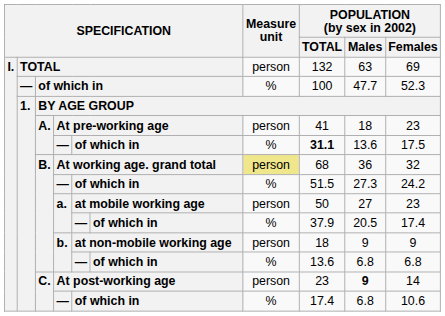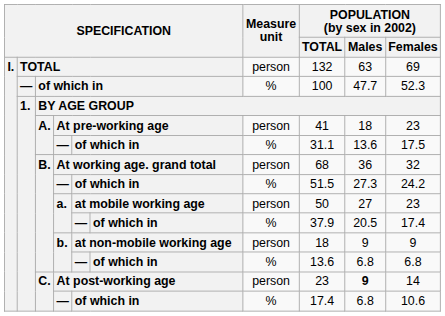 <table class="wikitable" style="font-size:85%; text-align:center">
 <tr>
 <th rowspan="2" colspan="6">SPECIFICATION</th>
 <th rowspan="2">Measure<br> unit</th>
 <th colspan="3" rowspan="1">POPULATION<br> (by sex in 2002)</th>
 </tr>
 <tr>
 <th>TOTAL</th>
 <th>Males</th>
 <th>Females</th>
 </tr>
 <tr>
 <th style="text-align:left" valign="top" rowspan="13">I.</th>
 <th style="text-align:left" colspan="5">TOTAL</th>
 <td>person</td>
 <td>132</td>
 <td>63</td>
 <td>69</td>
 </tr>
 <tr>
 <th style="text-align:left" valign="top">—</th>
 <th style="text-align:left" colspan="4">of which in</th>
 <td>%</td>
 <td>100</td>
 <td>47.7</td>
 <td>52.3</td>
 </tr>
 <tr>
 <th style="text-align:left" valign="top" rowspan="11">1.</th>
 <th style="text-align:left" colspan="19">BY AGE GROUP</th>
 </tr>
 <tr>
 <th style="text-align:left" valign="top" rowspan="2">A.</th>
 <th style="text-align:left" colspan="3">At pre-working age</th>
 <td>person</td>
 <td>41</td>
 <td>18</td>
 <td>23</td>
 </tr>
 <tr>
 <th style="text-align:left" valign="top">—</th>
 <th style="text-align:left" valign="top" colspan="2">of which in</th>
 <td>%</td>
-<td><strong>31.1</strong></td>
+<td>31.1</td>
 <td>13.6</td>
 <td>17.5</td>
 </tr>
 <tr>
 <th style="text-align:left" valign="top" rowspan="6">B.</th>
 <th style="text-align:left" colspan="3">At working age. grand total</th>
-<td style="background: khaki;">person</td>
+<td>person</td>
 <td>68</td>
 <td>36</td>
 <td>32</td>
 </tr>
 <tr>
 <th style="text-align:left" valign="top">—</th>
 <th style="text-align:left" valign="top" colspan="2">of which in</th>
 <td>%</td>
 <td>51.5</td>
 <td>27.3</td>
 <td>24.2</td>
 </tr>
 <tr>
 <th style="text-align:left" valign="top" rowspan="2">a.</th>
 <th style="text-align:left" colspan="2">at mobile working age</th>
 <td>person</td>
 <td>50</td>
 <td>27</td>
 <td>23</td>
 </tr>
 <tr>
 <th style="text-align:left" valign="top">—</th>
 <th style="text-align:left" valign="top" colspan="1">of which in                        </th>
 <td>%</td>
 <td>37.9</td>
 <td>20.5</td>
 <td>17.4</td>
 </tr>
 <tr>
 <th style="text-align:left" valign="top" rowspan="2">b.</th>
 <th style="text-align:left" colspan="2">at non-mobile working age</th>
 <td>person</td>
 <td>18</td>
 <td>9</td>
 <td>9</td>
 </tr>
 <tr>
 <th style="text-align:left" valign="top">—</th>
 <th style="text-align:left" valign="top" colspan="1">of which in                        </th>
 <td>%</td>
 <td>13.6</td>
 <td>6.8</td>
 <td>6.8</td>
 </tr>
 <tr>
 <th style="text-align:left" valign="top" rowspan="2">C.</th>
 <th style="text-align:left" colspan="3">At post-working age</th>
 <td>person</td>
 <td>23</td>
 <td><strong>9</strong></td>
 <td>14</td>
 </tr>
 <tr>
 <th style="text-align:left" valign="top">—</th>
 <th style="text-align:left" valign="top" colspan="2">of which in</th>
 <td>%</td>
 <td>17.4</td>
 <td>6.8</td>
 <td>10.6</td>
 </tr>
 </table>
